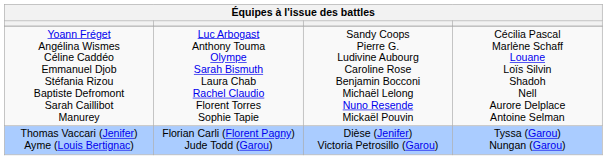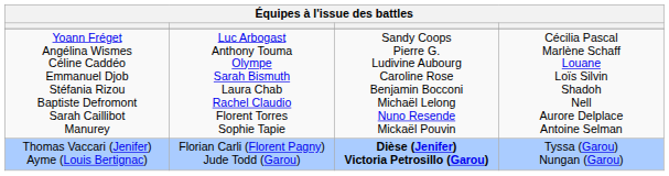 <table class="wikitable" text=align:center>
 <tr>
 <th colspan=4 style="width:95%;">Équipes à l'issue des battles</th>
 </tr>
 <tr>
 <th style="width:23%;" scope="col"></th>
 <th style="width:23%;" scope="col"></th>
 <th style="width:23%;" scope="col"></th>
 <th style="width:23%;" scope="col"></th>
 </tr>
 <tr>
 </tr>
 <tr align="center" valign="top">
 <td><a href='#'>Yoann Fréget</a><br>Angélina Wismes<br>Céline Caddéo<br>Emmanuel Djob<br>Stéfania Rizou<br>Baptiste Defromont<br>Sarah Caillibot<br>Manurey</td>
 <td><a href='#'>Luc Arbogast</a><br>Anthony Touma<br><a href='#'>Olympe</a><br><a href='#'>Sarah Bismuth</a><br>Laura Chab<br><a href='#'>Rachel Claudio</a><br>Florent Torres<br>Sophie Tapie</td>
 <td>Sandy Coops<br>Pierre G.<br>Ludivine Aubourg<br>Caroline Rose<br>Benjamin Bocconi<br>Michaël Lelong<br><a href='#'>Nuno Resende</a><br>Mickaël Pouvin</td>
 <td>Cécilia Pascal<br>Marlène Schaff<br><a href='#'>Louane</a><br>Loïs Silvin<br>Shadoh<br>Nell<br>Aurore Delplace<br>Antoine Selman</td>
 </tr>
 <tr align="center" valign="top">
 <td style="background:#aaccff">Thomas Vaccari (<a href='#'>Jenifer</a>)<br>Ayme (<a href='#'>Louis Bertignac</a>)</td>
 <td style="background:#aaccff">Florian Carli (<a href='#'>Florent Pagny</a>)<br>Jude Todd (<a href='#'>Garou</a>)</td>
-<td style="background:#aaccff">Dièse (<a href='#'>Jenifer</a>)<br>Victoria Petrosillo (<a href='#'>Garou</a>)</td>
+<td style="background:#aaccff"><strong>Dièse (<a href='#'>Jenifer</a>)<br>Victoria Petrosillo (<a href='#'>Garou</a>)</strong></td>
 <td style="background:#aaccff">Tyssa (<a href='#'>Garou</a>)<br>Nungan (<a href='#'>Garou</a>)</td>
 </tr>
 </table>
